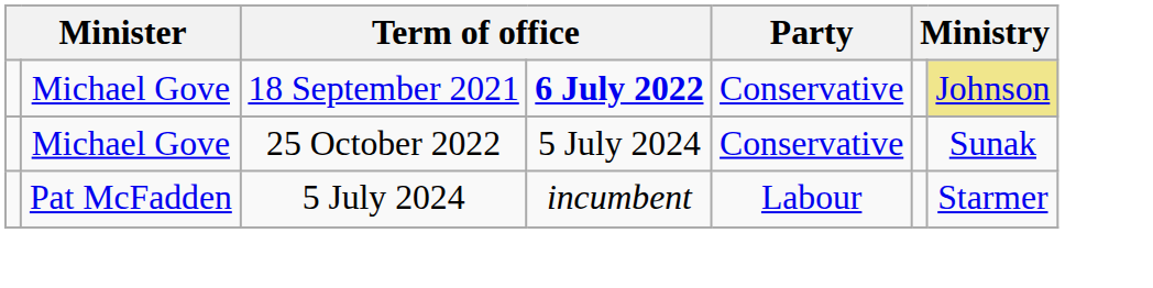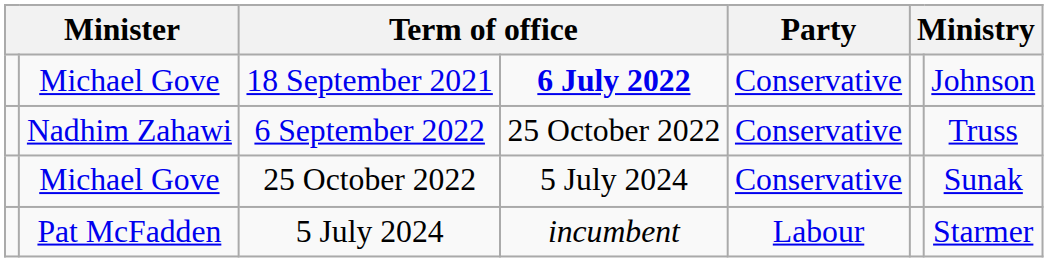 <table class="wikitable" style="text-align:center">
 <tr>
 <th colspan=2>Minister</th>
 <th colspan=2>Term of office</th>
 <th>Party</th>
 <th colspan=2>Ministry</th>
 </tr>
 <tr>
 <td></td>
 <td><a href='#'>Michael Gove</a></td>
 <td><a href='#'>18 September 2021</a></td>
 <td><strong><a href='#'>6 July 2022</a></strong></td>
 <td><a href='#'>Conservative</a></td>
 <td style="color:inherit;background:"></td>
-<td style="background: khaki;"><a href='#'>Johnson</a><br></td>
+<td><a href='#'>Johnson</a><br></td>
+</tr>
+<tr>
+<td></td>
+<td><a href='#'>Nadhim Zahawi</a></td>
+<td><a href='#'>6 September 2022</a></td>
+<td>25 October 2022</td>
+<td><a href='#'>Conservative</a></td>
+<td style="color:inherit;background:"></td>
+<td><a href='#'>Truss</a></td>
 </tr>
 <tr>
 <td></td>
 <td><a href='#'>Michael Gove</a></td>
 <td>25 October 2022</td>
 <td>5 July 2024</td>
 <td><a href='#'>Conservative</a></td>
 <td style="color:inherit;background:"></td>
 <td><a href='#'>Sunak</a></td>
 </tr>
 <tr>
 <td></td>
 <td><a href='#'>Pat McFadden</a></td>
 <td>5 July 2024</td>
 <td><em>incumbent</em></td>
 <td><a href='#'>Labour</a></td>
 <td style="color:inherit;background:"></td>
 <td><a href='#'>Starmer</a></td>
 </tr>
 </table>
